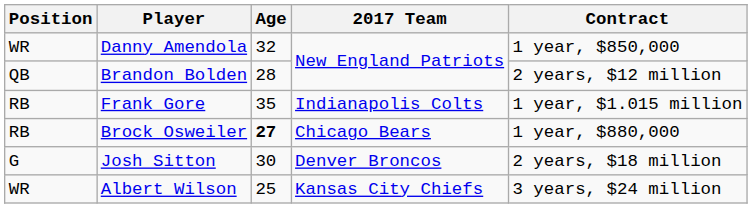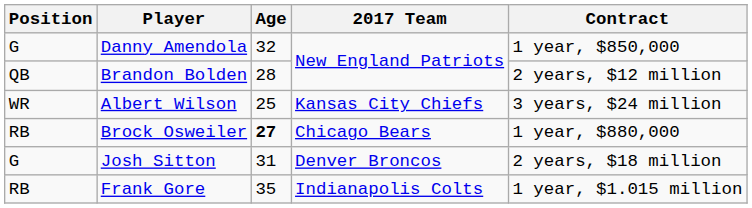 <table class="wikitable">
 <tr>
 <th>Position</th>
 <th>Player</th>
 <th>Age</th>
 <th>2017 Team</th>
 <th>Contract</th>
 </tr>
 <tr>
-<td>WR</td>
+<td>G</td>
 <td><a href='#'>Danny Amendola</a></td>
 <td>32</td>
 <td rowspan =2><a href='#'>New England Patriots</a></td>
 <td>1 year, $850,000</td>
 </tr>
 <tr>
 <td>QB</td>
 <td><a href='#'>Brandon Bolden</a></td>
 <td>28</td>
 <td>2 years, $12 million</td>
 </tr>
 <tr>
-<td>RB</td>
-<td><a href='#'>Frank Gore</a></td>
-<td>35</td>
-<td><a href='#'>Indianapolis Colts</a></td>
-<td>1 year, $1.015 million</td>
+<td>WR</td>
+<td><a href='#'>Albert Wilson</a></td>
+<td>25</td>
+<td><a href='#'>Kansas City Chiefs</a></td>
+<td>3 years, $24 million</td>
 </tr>
 <tr>
 <td>RB</td>
 <td><a href='#'>Brock Osweiler</a></td>
 <td><strong>27</strong></td>
 <td><a href='#'>Chicago Bears</a></td>
 <td>1 year, $880,000</td>
 </tr>
 <tr>
 <td>G</td>
 <td><a href='#'>Josh Sitton</a></td>
-<td>30</td>
+<td>31</td>
 <td><a href='#'>Denver Broncos</a></td>
 <td>2 years, $18 million</td>
 </tr>
 <tr>
-<td>WR</td>
-<td><a href='#'>Albert Wilson</a></td>
-<td>25</td>
-<td><a href='#'>Kansas City Chiefs</a></td>
-<td>3 years, $24 million</td>
+<td>RB</td>
+<td><a href='#'>Frank Gore</a></td>
+<td>35</td>
+<td><a href='#'>Indianapolis Colts</a></td>
+<td>1 year, $1.015 million</td>
 </tr>
 </table>
